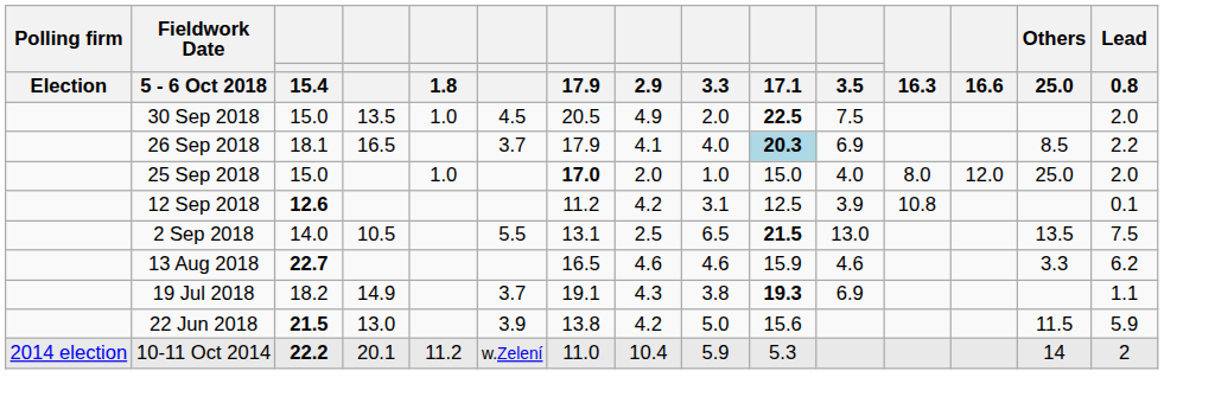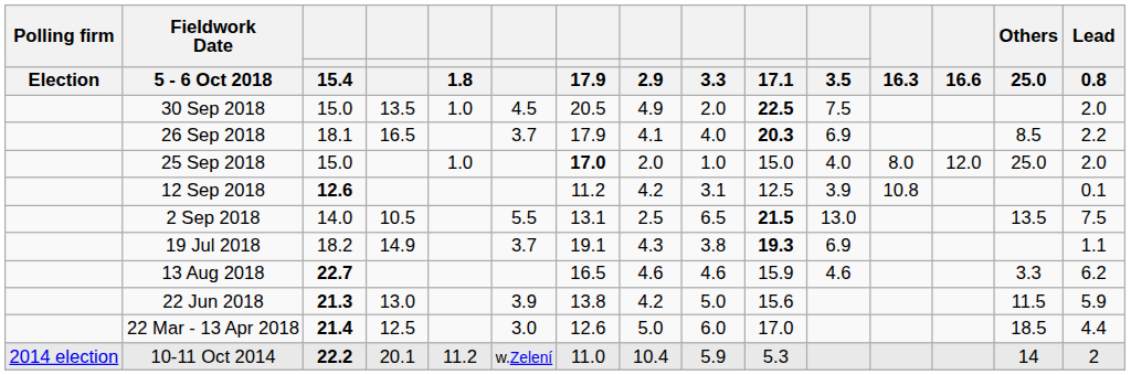 <table class="wikitable" style="text-align:center;font-size:85%;line-height:14px;">
 <tr style="height:40px;">
 <th rowspan="2">Polling firm</th>
 <th rowspan="2">Fieldwork<br>Date</th>
 <th Style="width:40px;"></th>
 <th Style="width:40px;"></th>
 <th Style="width:40px;"><a href='#'></a></th>
 <th Style="width:40px;"><a href='#'></a></th>
 <th Style="width:40px;"><a href='#'></a></th>
 <th Style="width:40px;"><a href='#'></a></th>
 <th Style="width:40px;"><a href='#'></a></th>
 <th Style="width:40px;"><a href='#'></a></th>
 <th Style="width:40px"><a href='#'></a></th>
 <th rowspan="2" style="width:40px"></th>
 <th rowspan="2" style="width:40px"></th>
 <th class="unsortable" style="width:40px;" rowspan="2">Others</th>
 <th rowspan="2" Style="width:40px">Lead</th>
 </tr>
 <tr>
 <th Style="background:"></th>
 <th Style="background:"></th>
 <th Style="background:"></th>
 <th Style="background:"></th>
 <th Style="background:"></th>
 <th Style="background:"></th>
 <th Style="background:"></th>
 <th Style="background:"></th>
 <th Style="background:"></th>
 </tr>
 <tr>
 <th>Election</th>
 <th>5 - 6 Oct 2018</th>
 <th>15.4</th>
 <th></th>
 <th>1.8</th>
 <th></th>
 <th><strong>17.9</strong></th>
 <th>2.9</th>
 <th>3.3</th>
 <th>17.1</th>
 <th>3.5</th>
 <th>16.3</th>
 <th>16.6</th>
 <th>25.0</th>
 <th Style="background:">0.8</th>
 </tr>
 <tr>
 <td></td>
 <td>30 Sep 2018</td>
 <td>15.0</td>
 <td>13.5</td>
 <td>1.0</td>
 <td>4.5</td>
 <td>20.5</td>
 <td>4.9</td>
 <td>2.0</td>
 <td><strong>22.5</strong></td>
 <td>7.5</td>
 <td></td>
 <td></td>
 <td></td>
 <td Style="background:">2.0</td>
 </tr>
 <tr>
 <td></td>
 <td>26 Sep 2018</td>
 <td>18.1</td>
 <td>16.5</td>
 <td></td>
 <td>3.7</td>
 <td>17.9</td>
 <td>4.1</td>
 <td>4.0</td>
-<td style="background: lightblue;"><strong>20.3</strong></td>
+<td><strong>20.3</strong></td>
 <td>6.9</td>
 <td></td>
 <td></td>
 <td>8.5</td>
 <td Style="background:">2.2</td>
 </tr>
 <tr>
 <td></td>
 <td>25 Sep 2018</td>
 <td>15.0</td>
 <td></td>
 <td>1.0</td>
 <td></td>
 <td><strong>17.0</strong></td>
 <td>2.0</td>
 <td>1.0</td>
 <td>15.0</td>
 <td>4.0</td>
 <td>8.0</td>
 <td>12.0</td>
 <td>25.0</td>
 <td Style="background:">2.0</td>
 </tr>
 <tr>
 <td></td>
 <td>12 Sep 2018</td>
 <td><strong>12.6</strong></td>
 <td></td>
 <td></td>
 <td></td>
 <td>11.2</td>
 <td>4.2</td>
 <td>3.1</td>
 <td>12.5</td>
 <td>3.9</td>
 <td>10.8</td>
 <td></td>
 <td></td>
 <td Style="background:">0.1</td>
 </tr>
 <tr>
 <td></td>
 <td>2 Sep 2018</td>
 <td>14.0</td>
 <td>10.5</td>
 <td></td>
 <td>5.5</td>
 <td>13.1</td>
 <td>2.5</td>
 <td>6.5</td>
 <td><strong>21.5</strong></td>
 <td>13.0</td>
 <td></td>
 <td></td>
 <td>13.5</td>
 <td Style="background:">7.5</td>
 </tr>
 <tr>
 <td></td>
+<td>19 Jul 2018</td>
+<td>18.2</td>
+<td>14.9</td>
+<td></td>
+<td>3.7</td>
+<td>19.1</td>
+<td>4.3</td>
+<td>3.8</td>
+<td><strong>19.3</strong></td>
+<td>6.9</td>
+<td></td>
+<td></td>
+<td></td>
+<td Style="background:">1.1</td>
+</tr>
+<tr>
+<td></td>
 <td>13 Aug 2018</td>
 <td><strong>22.7</strong></td>
 <td></td>
 <td></td>
 <td></td>
 <td>16.5</td>
 <td>4.6</td>
 <td>4.6</td>
 <td>15.9</td>
 <td>4.6</td>
 <td></td>
 <td></td>
 <td>3.3</td>
 <td Style="background:">6.2</td>
 </tr>
 <tr>
 <td></td>
-<td>19 Jul 2018</td>
-<td>18.2</td>
-<td>14.9</td>
-<td></td>
-<td>3.7</td>
-<td>19.1</td>
-<td>4.3</td>
-<td>3.8</td>
-<td><strong>19.3</strong></td>
-<td>6.9</td>
-<td></td>
-<td></td>
-<td></td>
-<td Style="background:">1.1</td>
-</tr>
-<tr>
-<td></td>
 <td>22 Jun 2018</td>
-<td><strong>21.5</strong></td>
+<td><strong>21.3</strong></td>
 <td>13.0</td>
 <td></td>
 <td>3.9</td>
 <td>13.8</td>
 <td>4.2</td>
 <td>5.0</td>
 <td>15.6</td>
 <td></td>
 <td></td>
 <td></td>
 <td>11.5</td>
 <td Style="background:">5.9</td>
+</tr>
+<tr>
+<td></td>
+<td>22 Mar - 13 Apr 2018</td>
+<td><strong>21.4</strong></td>
+<td>12.5</td>
+<td></td>
+<td>3.0</td>
+<td>12.6</td>
+<td>5.0</td>
+<td>6.0</td>
+<td>17.0</td>
+<td></td>
+<td></td>
+<td></td>
+<td>18.5</td>
+<td Style="background:">4.4</td>
 </tr>
 <tr style="background:#E9E9E9;">
 <td><a href='#'>2014 election</a></td>
 <td>10-11 Oct 2014</td>
 <td><strong>22.2</strong></td>
 <td>20.1</td>
 <td>11.2</td>
 <td><small>w.<a href='#'>Zelení</a></small></td>
 <td>11.0</td>
 <td>10.4</td>
 <td>5.9</td>
 <td>5.3</td>
 <td></td>
 <td></td>
 <td></td>
 <td>14</td>
 <td Style="background:">2</td>
 </tr>
 </table>
